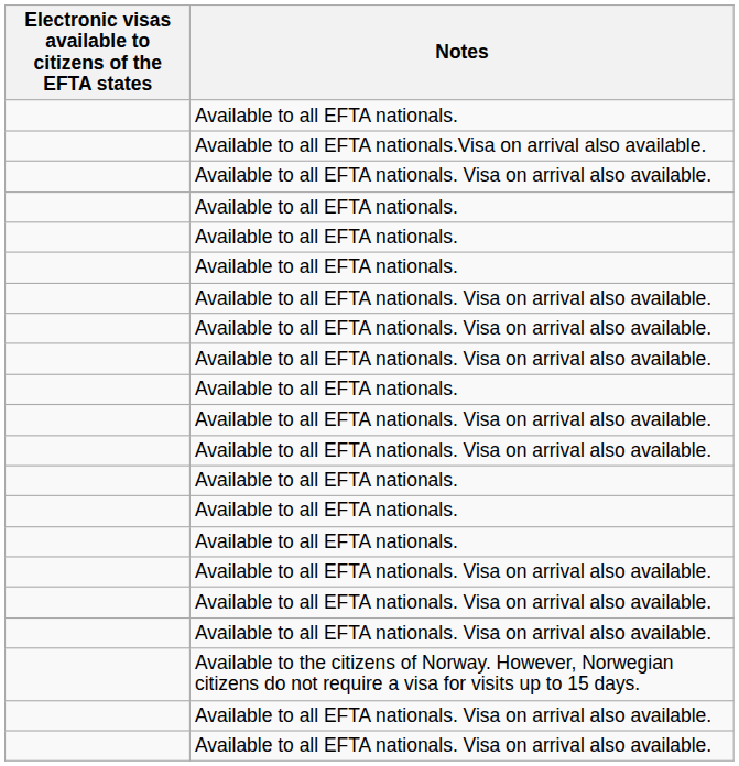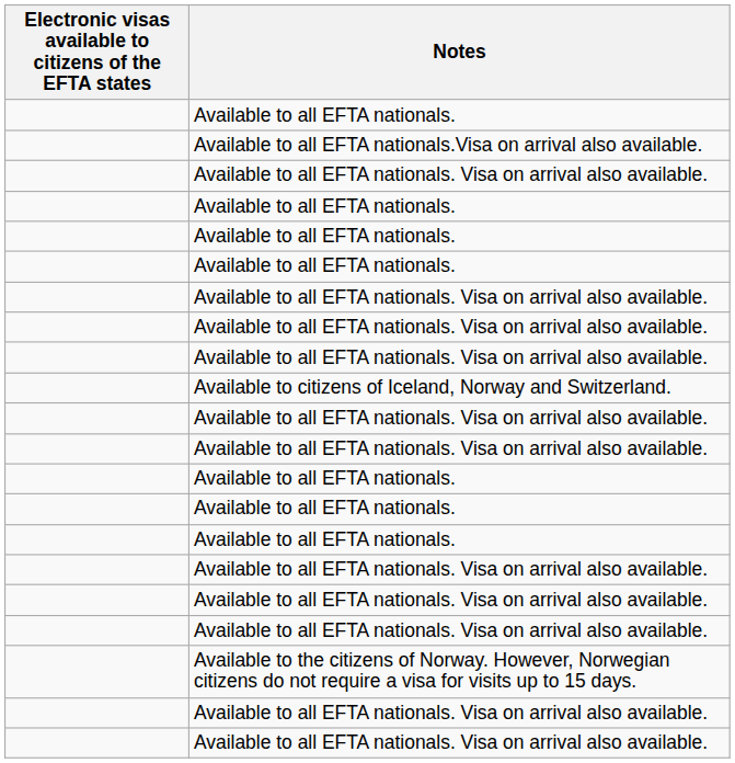 <table class="wikitable">
 <tr>
 <th>Electronic visas available to<br>citizens of the EFTA states</th>
 <th>Notes</th>
 </tr>
 <tr>
 <td></td>
 <td>Available to all EFTA nationals.</td>
 </tr>
 <tr>
 <td></td>
 <td>Available to all EFTA nationals.Visa on arrival also available.</td>
 </tr>
 <tr>
 <td></td>
 <td>Available to all EFTA nationals. Visa on arrival also available.</td>
 </tr>
 <tr>
 <td></td>
 <td>Available to all EFTA nationals.</td>
 </tr>
 <tr>
 <td></td>
 <td>Available to all EFTA nationals.</td>
 </tr>
 <tr>
 <td></td>
 <td>Available to all EFTA nationals.</td>
 </tr>
 <tr>
 <td></td>
 <td>Available to all EFTA nationals. Visa on arrival also available.</td>
 </tr>
 <tr>
 <td></td>
 <td>Available to all EFTA nationals. Visa on arrival also available.</td>
 </tr>
 <tr>
 <td></td>
 <td>Available to all EFTA nationals. Visa on arrival also available.</td>
 </tr>
 <tr>
 <td></td>
-<td>Available to all EFTA nationals.</td>
+<td>Available to citizens of Iceland, Norway and Switzerland.</td>
 </tr>
 <tr>
 <td></td>
 <td>Available to all EFTA nationals. Visa on arrival also available.</td>
 </tr>
 <tr>
 <td></td>
 <td>Available to all EFTA nationals. Visa on arrival also available.</td>
 </tr>
 <tr>
 <td></td>
 <td>Available to all EFTA nationals.</td>
 </tr>
 <tr>
 <td></td>
 <td>Available to all EFTA nationals.</td>
 </tr>
 <tr>
 <td></td>
 <td>Available to all EFTA nationals.</td>
 </tr>
 <tr>
 <td></td>
 <td>Available to all EFTA nationals. Visa on arrival also available.</td>
 </tr>
 <tr>
 <td></td>
 <td>Available to all EFTA nationals. Visa on arrival also available.</td>
 </tr>
 <tr>
 <td></td>
 <td>Available to all EFTA nationals. Visa on arrival also available.</td>
 </tr>
 <tr>
 <td></td>
 <td>Available to the citizens of Norway. However, Norwegian citizens do not require a visa for visits up to 15 days.</td>
 </tr>
 <tr>
 <td></td>
 <td>Available to all EFTA nationals. Visa on arrival also available.</td>
 </tr>
 <tr>
 <td></td>
 <td>Available to all EFTA nationals. Visa on arrival also available.</td>
 </tr>
 </table>
